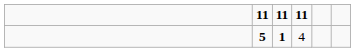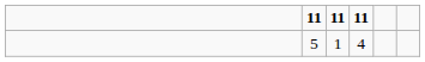 <table class="wikitable">
 <tr>
 <td style="width:18em"></td>
 <td align=center style="width:1em"><strong>11</strong></td>
 <td align=center style="width:1em"><strong>11</strong></td>
 <td align=center style="width:1em"><strong>11</strong></td>
 <td align=center style="width:1em"></td>
 <td align=center style="width:1em"></td>
 </tr>
 <tr>
 <td style="width:18em"></td>
-<td align=center style="width:1em"><strong>5</strong></td>
-<td align=center style="width:1em"><strong>1</strong></td>
+<td align=center style="width:1em">5</td>
+<td align=center style="width:1em">1</td>
 <td align=center style="width:1em">4</td>
 <td align=center style="width:1em"></td>
 <td align=center style="width:1em"></td>
 </tr>
 </table>
